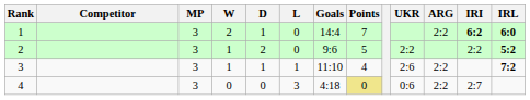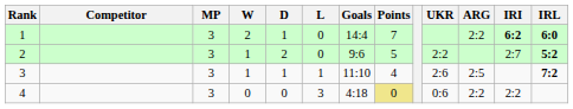 <table class="wikitable" style="text-align:center">
 <tr>
 <th>Rank</th>
 <th style="width:12em">Competitor</th>
 <th style="width:2.5em">MP</th>
 <th style="width:2.5em">W</th>
 <th style="width:2.5em">D</th>
 <th style="width:2.5em">L</th>
 <th>Goals</th>
 <th style="width:2.5em">Points</th>
 <th rowspan="5"> </th>
 <th style="width:2.5em">UKR</th>
 <th style="width:2.5em">ARG</th>
 <th style="width:2.5em">IRI</th>
 <th style="width:2.5em">IRL</th>
 </tr>
 <tr style="background:#cfc;">
 <td>1</td>
 <td style="text-align:left"></td>
 <td>3</td>
 <td>2</td>
 <td>1</td>
 <td>0</td>
 <td>14:4</td>
 <td>7</td>
 <td></td>
 <td>2:2</td>
 <td><strong>6:2</strong></td>
 <td><strong>6:0</strong></td>
 </tr>
 <tr style="background:#cfc;">
 <td>2</td>
 <td style="text-align:left"></td>
 <td>3</td>
 <td>1</td>
 <td>2</td>
 <td>0</td>
 <td>9:6</td>
 <td>5</td>
 <td>2:2</td>
 <td></td>
-<td>2:2</td>
+<td>2:7</td>
 <td><strong>5:2</strong></td>
 </tr>
 <tr>
 <td>3</td>
 <td style="text-align:left"></td>
 <td>3</td>
 <td>1</td>
 <td>1</td>
 <td>1</td>
 <td>11:10</td>
 <td>4</td>
 <td>2:6</td>
-<td>2:2</td>
+<td>2:5</td>
 <td></td>
 <td><strong>7:2</strong></td>
 </tr>
 <tr>
 <td>4</td>
 <td style="text-align:left"></td>
 <td>3</td>
 <td>0</td>
 <td>0</td>
 <td>3</td>
 <td>4:18</td>
 <td style="background: khaki;">0</td>
 <td>0:6</td>
 <td>2:2</td>
-<td>2:7</td>
+<td>2:2</td>
 <td></td>
 </tr>
 </table>
